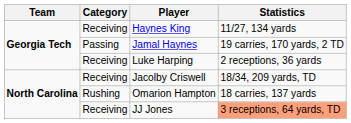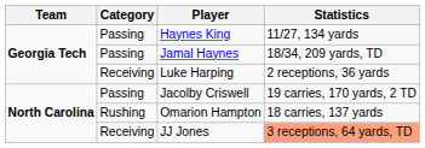 <table class="wikitable" style="float: right;">
 <tr>
 <th>Team</th>
 <th>Category</th>
 <th>Player</th>
 <th>Statistics</th>
 </tr>
 <tr>
 <td rowspan=3><strong>Georgia Tech</strong></td>
-<td>Receiving</td>
+<td>Passing</td>
 <td><a href='#'>Haynes King</a></td>
 <td>11/27, 134 yards</td>
 </tr>
 <tr>
 <td>Passing</td>
 <td><a href='#'>Jamal Haynes</a></td>
-<td>19 carries, 170 yards, 2 TD</td>
+<td>18/34, 209 yards, TD</td>
 </tr>
 <tr>
 <td>Receiving</td>
 <td>Luke Harping</td>
 <td>2 receptions, 36 yards</td>
 </tr>
 <tr>
 <td rowspan=3><strong>North Carolina</strong></td>
-<td>Receiving</td>
+<td>Passing</td>
 <td>Jacolby Criswell</td>
-<td>18/34, 209 yards, TD</td>
+<td>19 carries, 170 yards, 2 TD</td>
 </tr>
 <tr>
 <td>Rushing</td>
 <td>Omarion Hampton</td>
 <td>18 carries, 137 yards</td>
 </tr>
 <tr>
 <td>Receiving</td>
 <td>JJ Jones</td>
 <td style="background: lightsalmon;">3 receptions, 64 yards, TD</td>
 </tr>
 </table>
